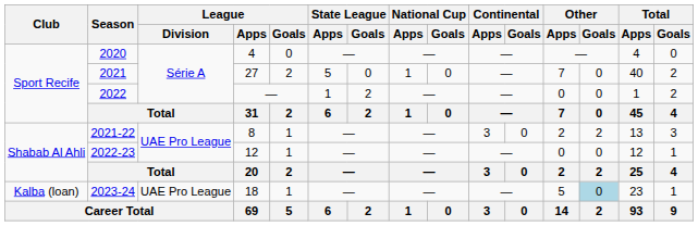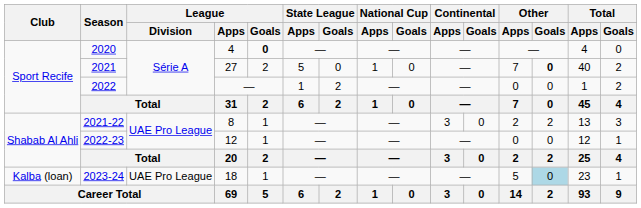 <table class="wikitable" style="text-align: center; font-size:96%">
 <tr>
 <th rowspan="2">Club</th>
 <th rowspan="2">Season</th>
 <th colspan="3">League</th>
 <th colspan="2">State League</th>
 <th colspan="2">National Cup</th>
 <th colspan="2">Continental</th>
 <th colspan="2">Other</th>
 <th colspan="2">Total</th>
 </tr>
 <tr>
 <th>Division</th>
 <th>Apps</th>
 <th>Goals</th>
 <th>Apps</th>
 <th>Goals</th>
 <th>Apps</th>
 <th>Goals</th>
 <th>Apps</th>
 <th>Goals</th>
 <th>Apps</th>
 <th>Goals</th>
 <th>Apps</th>
 <th>Goals</th>
 </tr>
 <tr>
 <td rowspan="4"><a href='#'>Sport Recife</a></td>
 <td><a href='#'>2020</a></td>
 <td rowspan="3"><a href='#'>Série A</a></td>
 <td>4</td>
-<td>0</td>
+<td><strong>0</strong></td>
 <td colspan="2">—</td>
 <td colspan="2">—</td>
 <td colspan="2">—</td>
 <td colspan="2">—</td>
 <td>4</td>
 <td>0</td>
 </tr>
 <tr>
 <td><a href='#'>2021</a></td>
 <td>27</td>
 <td>2</td>
 <td>5</td>
 <td>0</td>
 <td>1</td>
 <td>0</td>
 <td colspan="2">—</td>
 <td>7</td>
-<td>0</td>
+<td><strong>0</strong></td>
 <td>40</td>
 <td>2</td>
 </tr>
 <tr>
 <td><a href='#'>2022</a></td>
 <td colspan="2">—</td>
 <td>1</td>
 <td>2</td>
 <td colspan="2">—</td>
 <td colspan="2">—</td>
 <td>0</td>
 <td>0</td>
 <td>1</td>
 <td>2</td>
 </tr>
 <tr>
 <th colspan="2">Total</th>
 <th>31</th>
 <th>2</th>
 <th>6</th>
 <th>2</th>
 <th>1</th>
 <th>0</th>
 <th colspan="2">—</th>
 <th>7</th>
 <th>0</th>
 <th>45</th>
 <th>4</th>
 </tr>
 <tr>
 <td rowspan="3"><a href='#'>Shabab Al Ahli</a></td>
 <td><a href='#'>2021-22</a></td>
 <td rowspan="2"><a href='#'>UAE Pro League</a></td>
 <td>8</td>
 <td>1</td>
 <td colspan="2">—</td>
 <td colspan="2">—</td>
 <td>3</td>
 <td>0</td>
 <td>2</td>
 <td>2</td>
 <td>13</td>
 <td>3</td>
 </tr>
 <tr>
 <td><a href='#'>2022-23</a></td>
 <td>12</td>
 <td>1</td>
 <td colspan="2">—</td>
 <td colspan="2">—</td>
 <td colspan="2">—</td>
 <td>0</td>
 <td>0</td>
 <td>12</td>
 <td>1</td>
 </tr>
 <tr>
 <th colspan="2">Total</th>
 <th>20</th>
 <th>2</th>
 <th colspan="2">—</th>
 <th colspan="2">—</th>
 <th>3</th>
 <th>0</th>
 <th>2</th>
 <th>2</th>
 <th>25</th>
 <th>4</th>
 </tr>
 <tr>
 <td><a href='#'>Kalba</a> (loan)</td>
 <td><a href='#'>2023-24</a></td>
 <td>UAE Pro League</td>
 <td>18</td>
 <td>1</td>
 <td colspan="2">—</td>
 <td colspan="2">—</td>
 <td colspan="2">—</td>
 <td>5</td>
 <td style="background: lightblue;">0</td>
 <td>23</td>
 <td>1</td>
 </tr>
 <tr>
 <th colspan="3">Career Total</th>
 <th>69</th>
 <th>5</th>
 <th>6</th>
 <th>2</th>
 <th>1</th>
 <th>0</th>
 <th>3</th>
 <th>0</th>
 <th>14</th>
 <th>2</th>
 <th>93</th>
 <th>9</th>
 </tr>
 </table>
